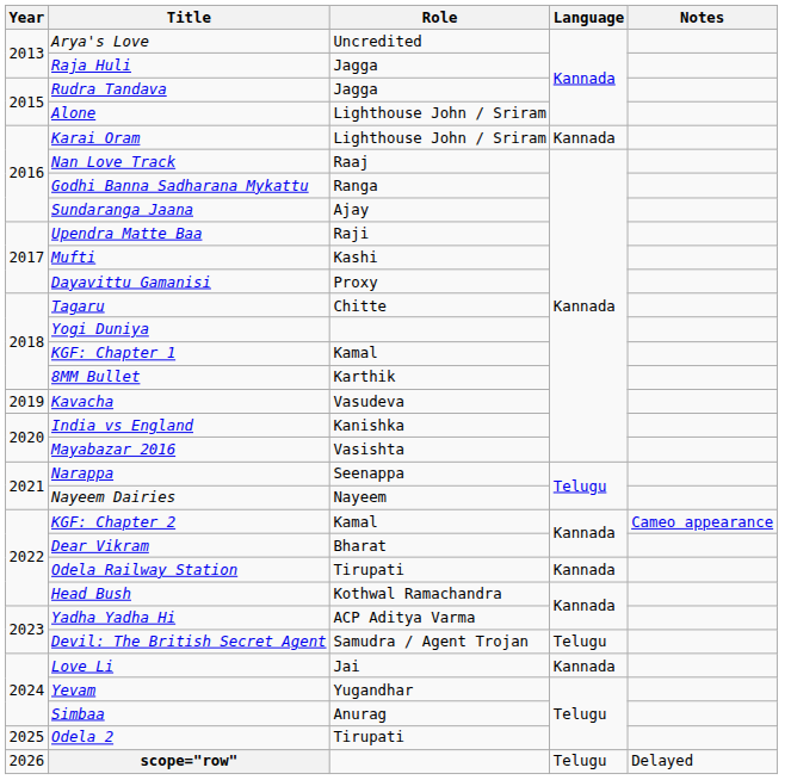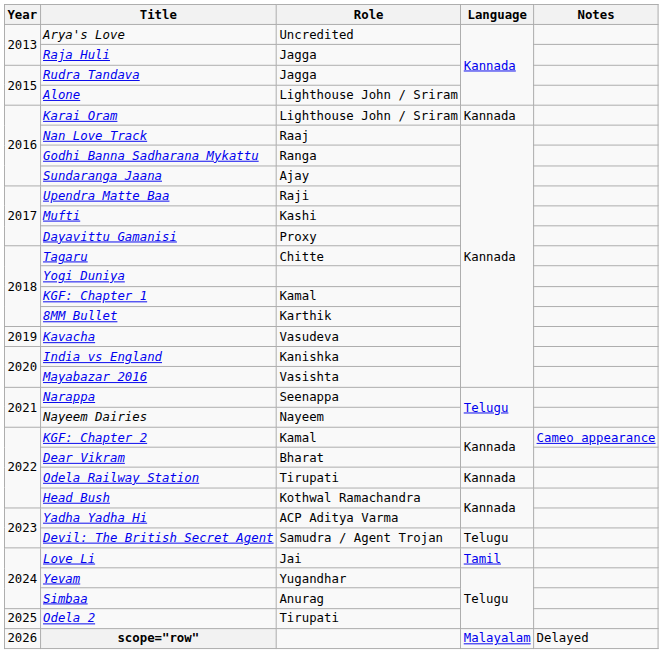 <table class="wikitable">
 <tr>
 <th>Year</th>
 <th>Title</th>
 <th>Role</th>
 <th>Language</th>
 <th>Notes</th>
 </tr>
 <tr>
 <td rowspan="2">2013</td>
 <td><em>Arya's Love</em></td>
 <td>Uncredited</td>
 <td rowspan="4"><a href='#'>Kannada</a></td>
 <td></td>
 </tr>
 <tr>
 <td><em><a href='#'>Raja Huli</a></em></td>
 <td>Jagga</td>
 <td></td>
 </tr>
 <tr>
 <td rowspan="2">2015</td>
 <td><em><a href='#'>Rudra Tandava</a></em></td>
 <td>Jagga</td>
 <td></td>
 </tr>
 <tr>
 <td><em><a href='#'>Alone</a></em></td>
 <td>Lighthouse John / Sriram</td>
 <td></td>
 </tr>
 <tr>
 <td rowspan="4">2016</td>
 <td><em><a href='#'>Karai Oram</a></em></td>
 <td>Lighthouse John / Sriram</td>
 <td>Kannada</td>
 <td></td>
 </tr>
 <tr>
 <td><em><a href='#'>Nan Love Track</a></em></td>
 <td>Raaj</td>
 <td rowspan="13">Kannada</td>
 <td></td>
 </tr>
 <tr>
 <td><em><a href='#'>Godhi Banna Sadharana Mykattu</a></em></td>
 <td>Ranga</td>
 <td></td>
 </tr>
 <tr>
 <td><em><a href='#'>Sundaranga Jaana</a></em></td>
 <td>Ajay</td>
 <td></td>
 </tr>
 <tr>
 <td rowspan="3">2017</td>
 <td><em><a href='#'>Upendra Matte Baa</a></em></td>
 <td>Raji</td>
 <td></td>
 </tr>
 <tr>
 <td><em><a href='#'>Mufti</a></em></td>
 <td>Kashi</td>
 <td></td>
 </tr>
 <tr>
 <td><em><a href='#'>Dayavittu Gamanisi</a></em></td>
 <td>Proxy</td>
 <td></td>
 </tr>
 <tr>
 <td rowspan="4">2018</td>
 <td><em><a href='#'>Tagaru</a></em></td>
 <td>Chitte</td>
 <td></td>
 </tr>
 <tr>
 <td><em><a href='#'>Yogi Duniya</a></em></td>
 <td></td>
 <td></td>
 </tr>
 <tr>
 <td><em><a href='#'>KGF: Chapter 1</a></em></td>
 <td>Kamal</td>
 <td></td>
 </tr>
 <tr>
 <td><em><a href='#'>8MM Bullet</a></em></td>
 <td>Karthik</td>
 <td></td>
 </tr>
 <tr>
 <td>2019</td>
 <td><em><a href='#'>Kavacha</a></em></td>
 <td>Vasudeva</td>
 <td></td>
 </tr>
 <tr>
 <td rowspan="2">2020</td>
 <td><em><a href='#'>India vs England</a></em></td>
 <td>Kanishka</td>
 <td></td>
 </tr>
 <tr>
 <td><em><a href='#'>Mayabazar 2016</a></em></td>
 <td>Vasishta</td>
 <td></td>
 </tr>
 <tr>
 <td rowspan="2">2021</td>
 <td><em><a href='#'>Narappa</a></em></td>
 <td>Seenappa</td>
 <td rowspan="2"><a href='#'>Telugu</a></td>
 <td></td>
 </tr>
 <tr>
 <td><em>Nayeem Dairies</em></td>
 <td>Nayeem</td>
 <td></td>
 </tr>
 <tr>
 <td rowspan="4">2022</td>
 <td><em><a href='#'>KGF: Chapter 2</a></em></td>
 <td>Kamal</td>
 <td rowspan="2">Kannada</td>
 <td><a href='#'>Cameo appearance</a></td>
 </tr>
 <tr>
 <td><em><a href='#'>Dear Vikram</a></em></td>
 <td>Bharat</td>
 <td></td>
 </tr>
 <tr>
 <td><em><a href='#'>Odela Railway Station</a></em></td>
 <td>Tirupati</td>
 <td>Kannada</td>
 <td></td>
 </tr>
 <tr>
 <td><em><a href='#'>Head Bush</a></em></td>
 <td>Kothwal Ramachandra</td>
 <td rowspan="2">Kannada</td>
 <td></td>
 </tr>
 <tr>
 <td rowspan ="2">2023</td>
 <td><em><a href='#'>Yadha Yadha Hi</a></em></td>
 <td>ACP Aditya Varma</td>
 <td></td>
 </tr>
 <tr>
 <td><em><a href='#'>Devil: The British Secret Agent</a></em></td>
 <td>Samudra / Agent Trojan</td>
 <td>Telugu</td>
 <td></td>
 </tr>
 <tr>
 <td rowspan="3">2024</td>
 <td><em><a href='#'>Love Li</a></em></td>
 <td>Jai</td>
-<td>Kannada</td>
+<td><a href='#'>Tamil</a></td>
 <td></td>
 </tr>
 <tr>
 <td><em><a href='#'>Yevam</a></em></td>
 <td>Yugandhar</td>
 <td rowspan="3">Telugu</td>
 <td></td>
 </tr>
 <tr>
 <td><em><a href='#'>Simbaa</a></em></td>
 <td>Anurag</td>
 <td></td>
 </tr>
 <tr>
 <td>2025</td>
 <td><a href='#'><em>Odela 2</em></a></td>
 <td>Tirupati</td>
 <td></td>
 </tr>
 <tr>
 <td rowspan="1">2026</td>
 <th>scope="row" </th>
 <td></td>
-<td>Telugu</td>
+<td><a href='#'>Malayalam</a></td>
 <td>Delayed</td>
 </tr>
 </table>
